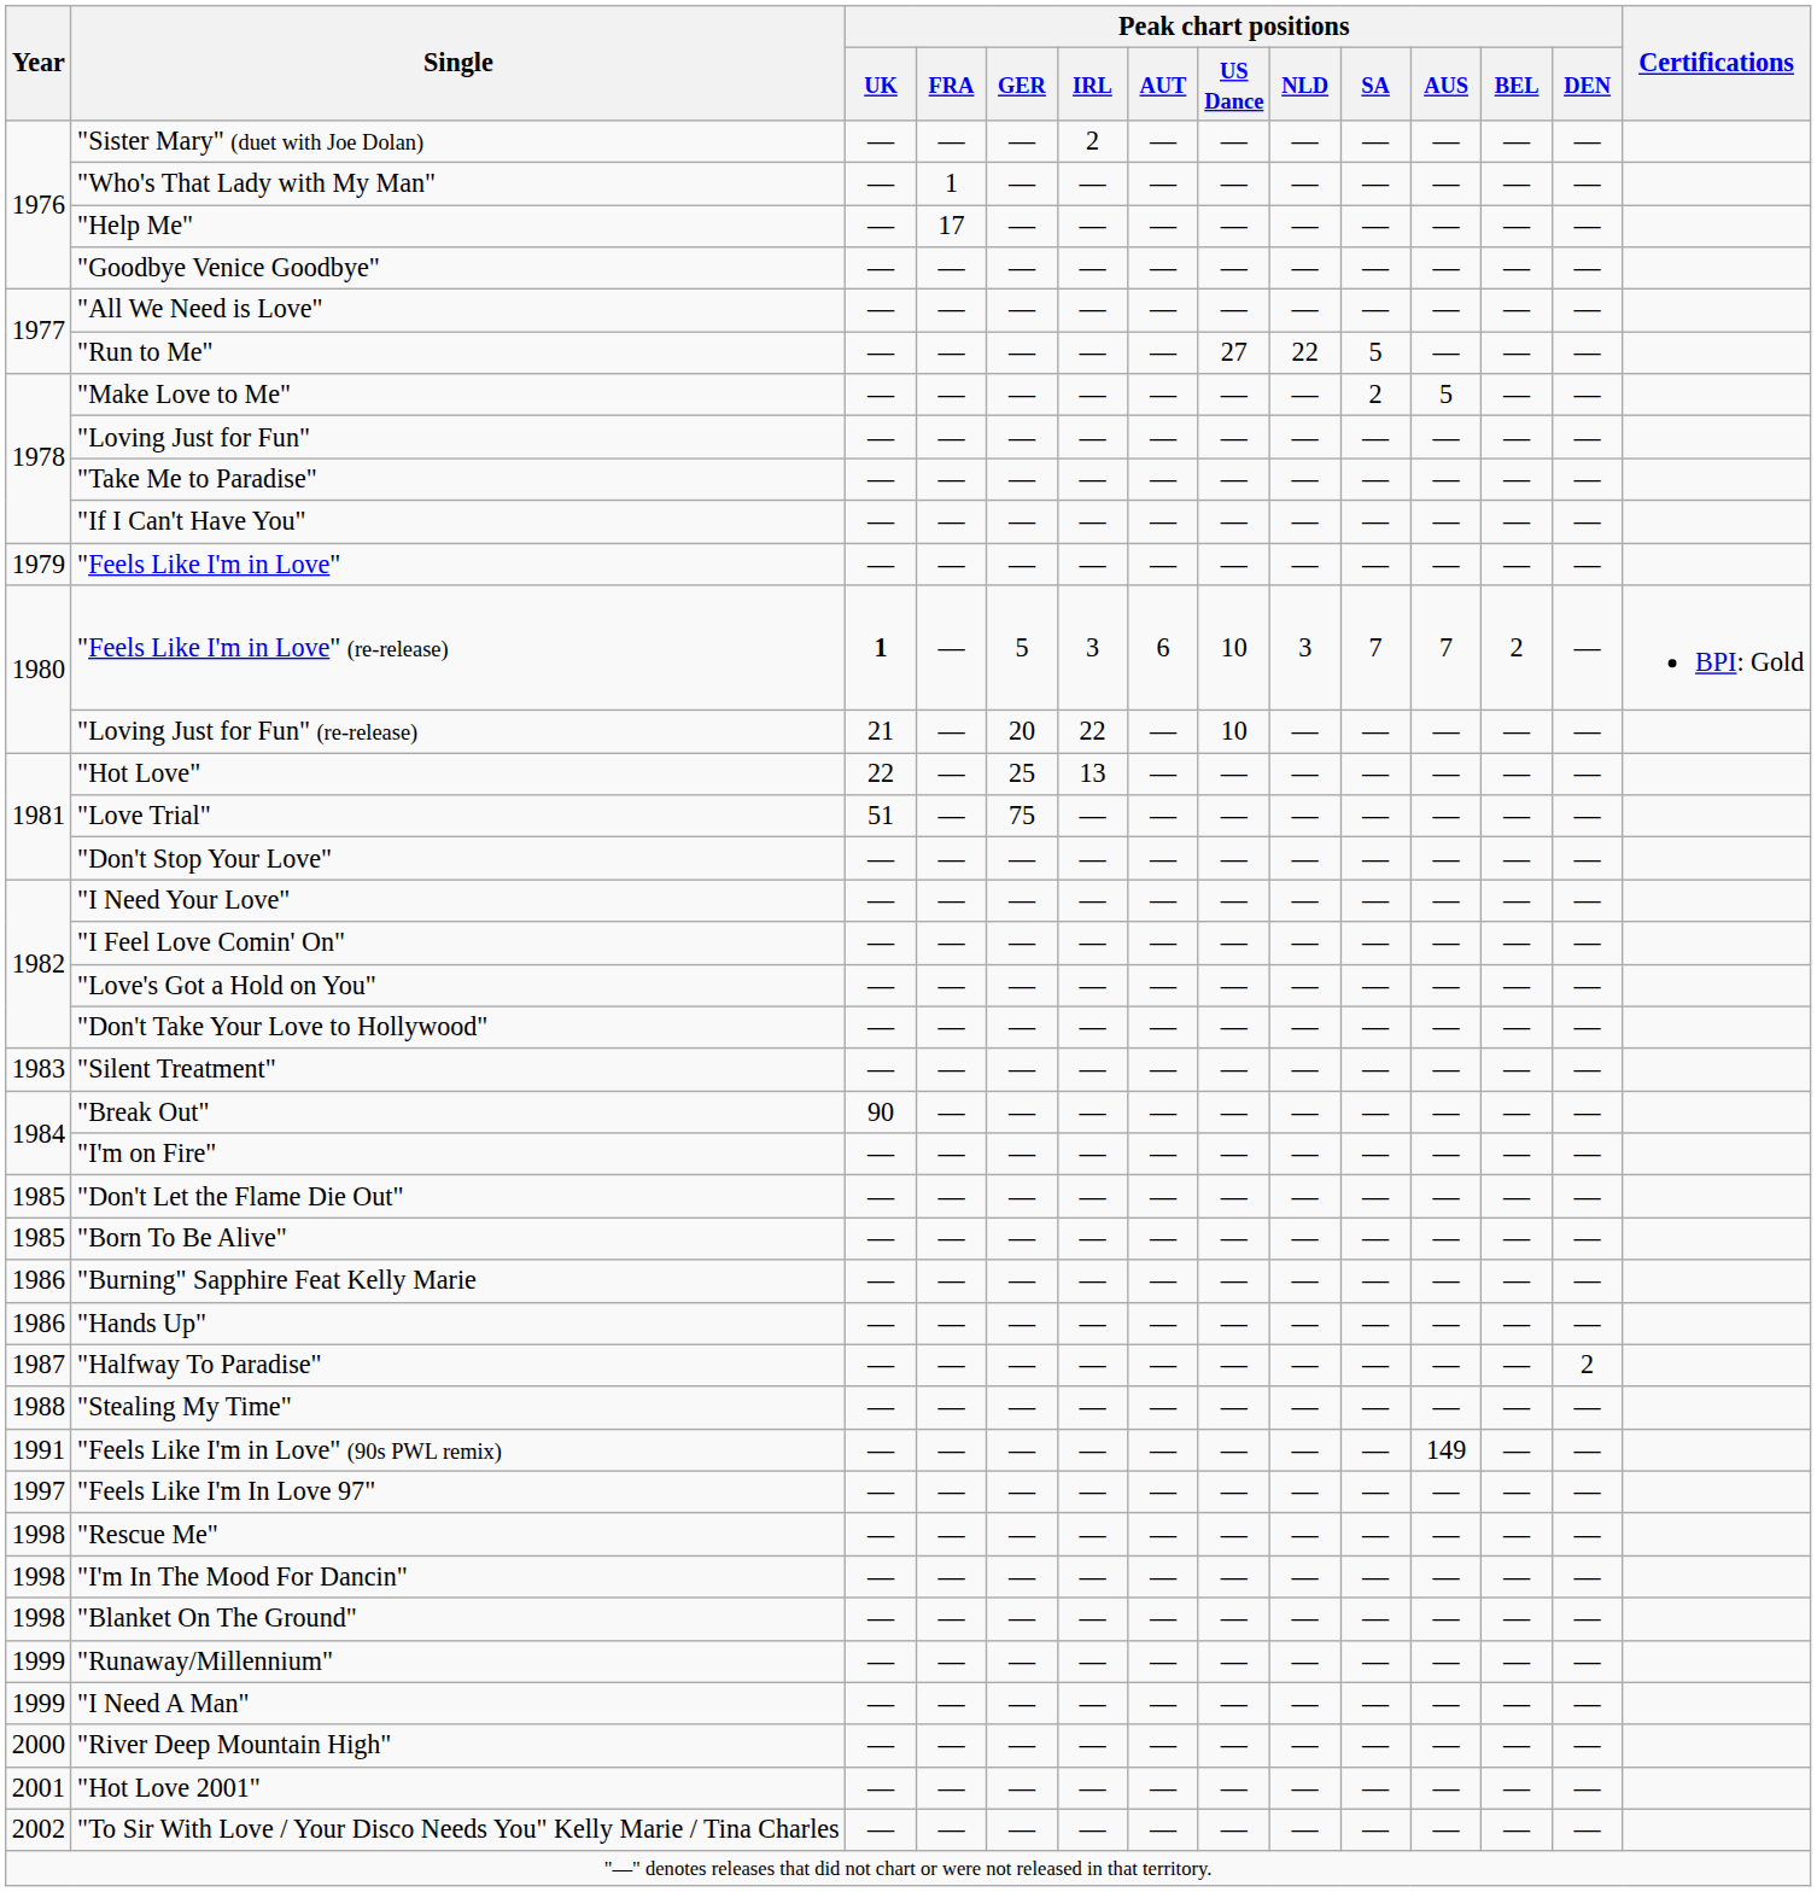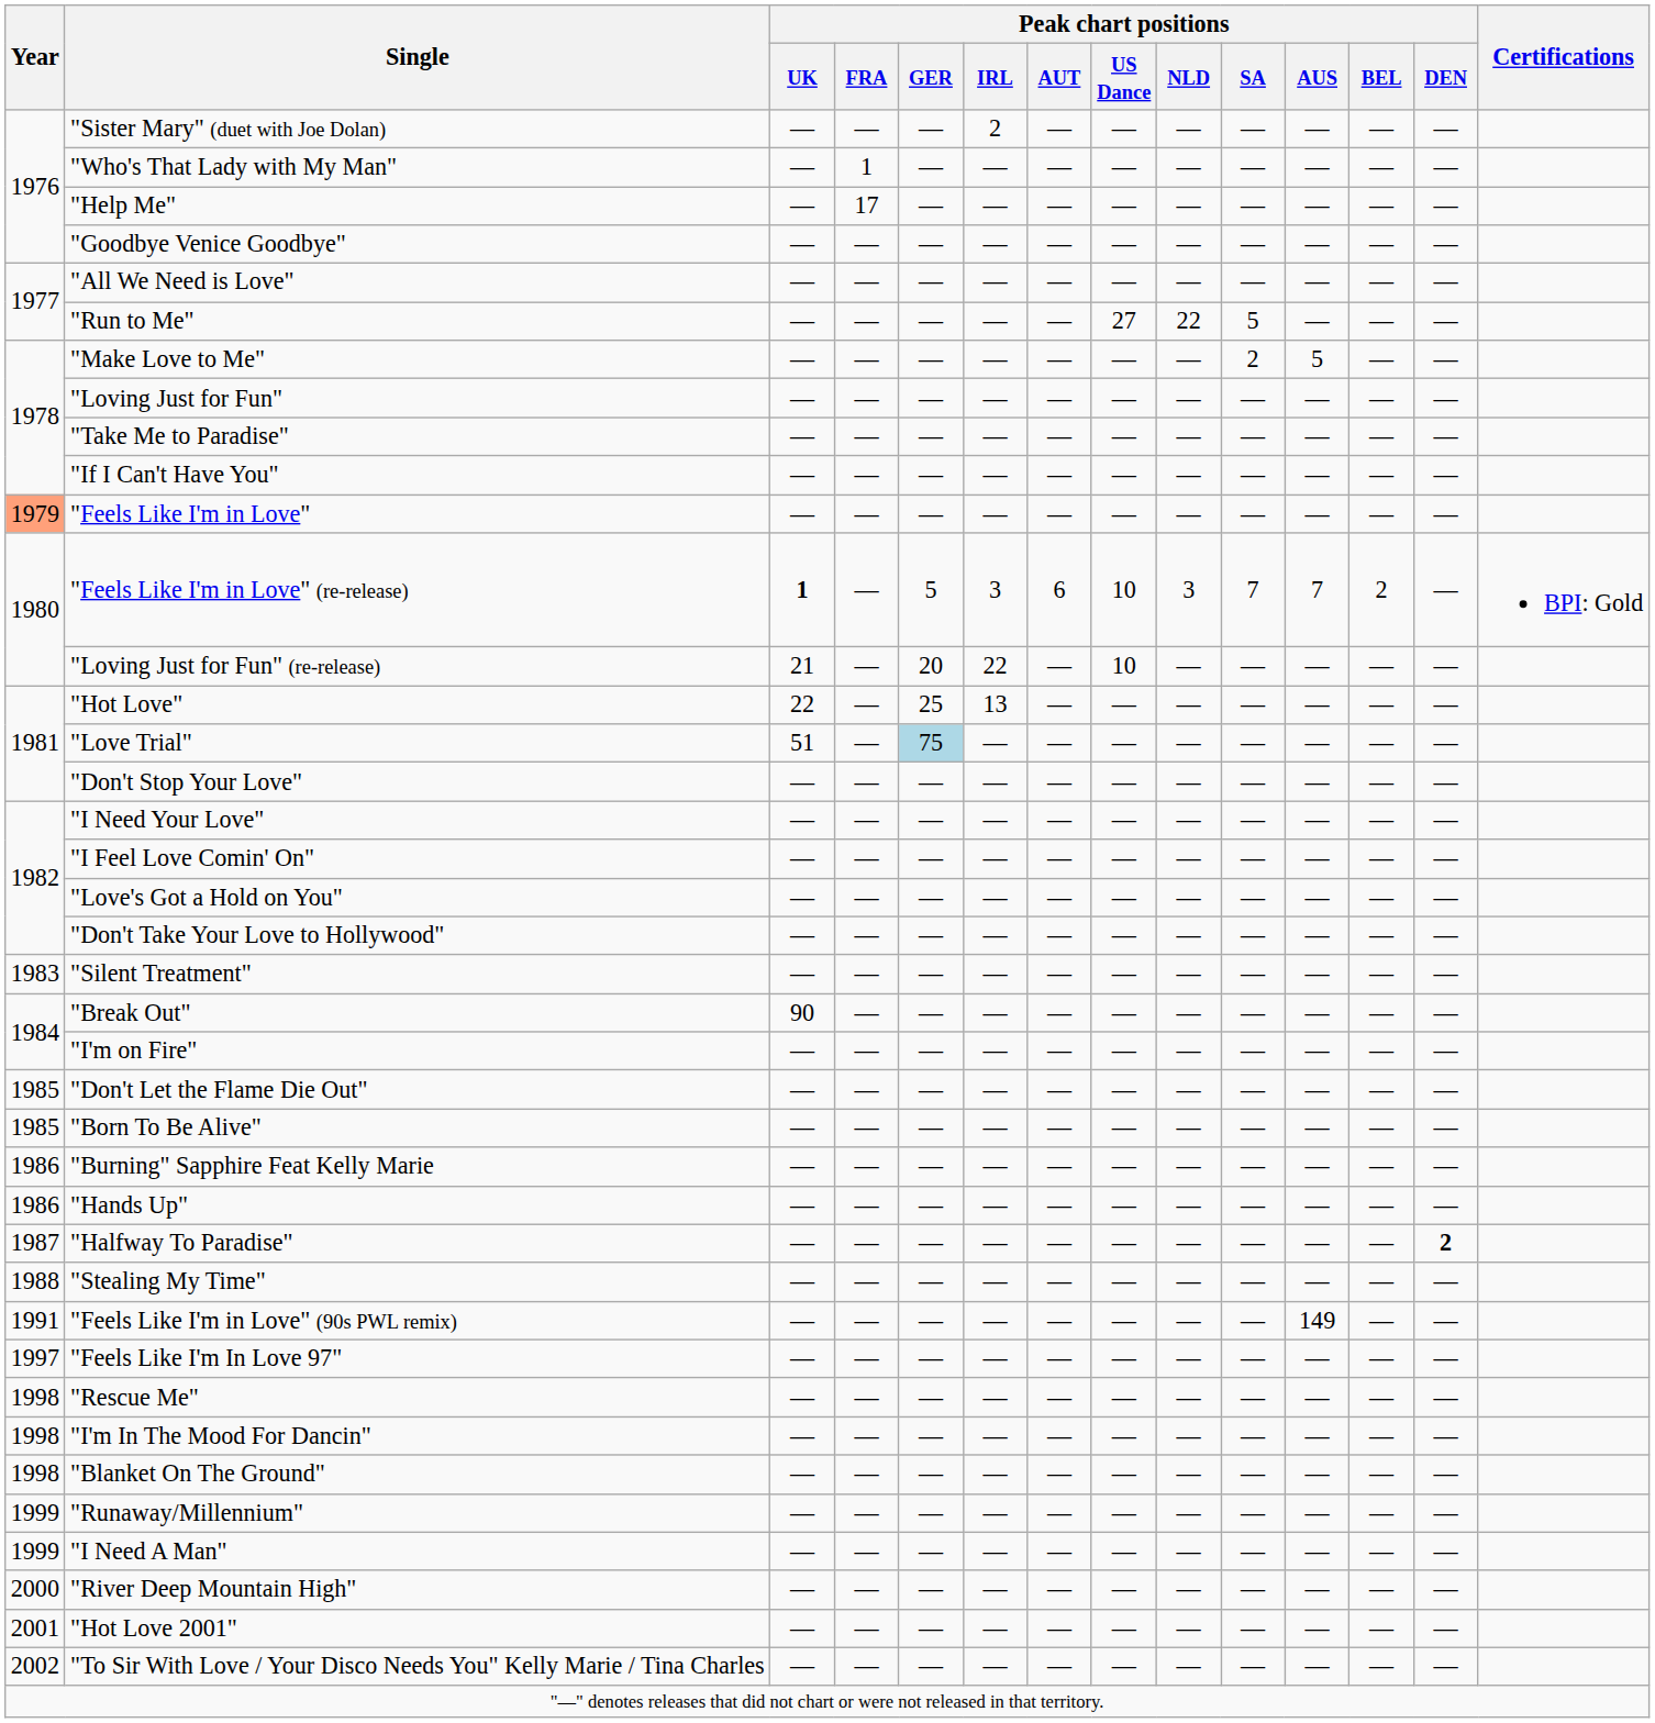 <table class="wikitable">
 <tr>
 <th scope="col" rowspan="2">Year</th>
 <th scope="col" rowspan="2">Single</th>
 <th scope="col" colspan="11">Peak chart positions</th>
 <th scope="col" rowspan="2"><a href='#'>Certifications</a></th>
 </tr>
 <tr>
 <th style="width:35px;"><small><a href='#'>UK</a></small><br></th>
 <th style="width:35px;"><small><a href='#'>FRA</a></small><br></th>
 <th style="width:35px;"><small><a href='#'>GER</a></small><br></th>
 <th style="width:35px;"><small><a href='#'>IRL</a></small><br></th>
 <th style="width:35px;"><small><a href='#'>AUT</a></small><br></th>
 <th style="width:35px;"><small><a href='#'>US<br>Dance</a></small><br></th>
 <th style="width:35px;"><small><a href='#'>NLD</a></small><br></th>
 <th style="width:35px;"><small><a href='#'>SA</a></small><br></th>
 <th style="width:35px;"><small><a href='#'>AUS</a></small><br></th>
 <th style="width:35px;"><small><a href='#'>BEL</a></small><br></th>
 <th style="width:35px;"><small><a href='#'>DEN</a></small><br></th>
 </tr>
 <tr>
 <td rowspan="4">1976</td>
 <td>"Sister Mary" <small>(duet with Joe Dolan)</small></td>
 <td align="center">—</td>
 <td align="center">—</td>
 <td align="center">—</td>
 <td align="center">2</td>
 <td align="center">—</td>
 <td align="center">—</td>
 <td align="center">—</td>
 <td align="center">—</td>
 <td align="center">—</td>
 <td align="center">—</td>
 <td align="center">—</td>
 <td></td>
 </tr>
 <tr>
 <td>"Who's That Lady with My Man"</td>
 <td align="center">—</td>
 <td align="center">1</td>
 <td align="center">—</td>
 <td align="center">—</td>
 <td align="center">—</td>
 <td align="center">—</td>
 <td align="center">—</td>
 <td align="center">—</td>
 <td align="center">—</td>
 <td align="center">—</td>
 <td align="center">—</td>
 <td></td>
 </tr>
 <tr>
 <td>"Help Me"</td>
 <td align="center">—</td>
 <td align="center">17</td>
 <td align="center">—</td>
 <td align="center">—</td>
 <td align="center">—</td>
 <td align="center">—</td>
 <td align="center">—</td>
 <td align="center">—</td>
 <td align="center">—</td>
 <td align="center">—</td>
 <td align="center">—</td>
 <td></td>
 </tr>
 <tr>
 <td>"Goodbye Venice Goodbye"</td>
 <td align="center">—</td>
 <td align="center">—</td>
 <td align="center">—</td>
 <td align="center">—</td>
 <td align="center">—</td>
 <td align="center">—</td>
 <td align="center">—</td>
 <td align="center">—</td>
 <td align="center">—</td>
 <td align="center">—</td>
 <td align="center">—</td>
 <td></td>
 </tr>
 <tr>
 <td rowspan="2">1977</td>
 <td>"All We Need is Love"</td>
 <td align="center">—</td>
 <td align="center">—</td>
 <td align="center">—</td>
 <td align="center">—</td>
 <td align="center">—</td>
 <td align="center">—</td>
 <td align="center">—</td>
 <td align="center">—</td>
 <td align="center">—</td>
 <td align="center">—</td>
 <td align="center">—</td>
 <td></td>
 </tr>
 <tr>
 <td>"Run to Me"</td>
 <td align="center">—</td>
 <td align="center">—</td>
 <td align="center">—</td>
 <td align="center">—</td>
 <td align="center">—</td>
 <td align="center">27</td>
 <td align="center">22</td>
 <td align="center">5</td>
 <td align="center">—</td>
 <td align="center">—</td>
 <td align="center">—</td>
 <td></td>
 </tr>
 <tr>
 <td rowspan="4">1978</td>
 <td>"Make Love to Me"</td>
 <td align="center">—</td>
 <td align="center">—</td>
 <td align="center">—</td>
 <td align="center">—</td>
 <td align="center">—</td>
 <td align="center">—</td>
 <td align="center">—</td>
 <td align="center">2</td>
 <td align="center">5</td>
 <td align="center">—</td>
 <td align="center">—</td>
 <td></td>
 </tr>
 <tr>
 <td>"Loving Just for Fun"</td>
 <td align="center">—</td>
 <td align="center">—</td>
 <td align="center">—</td>
 <td align="center">—</td>
 <td align="center">—</td>
 <td align="center">—</td>
 <td align="center">—</td>
 <td align="center">—</td>
 <td align="center">—</td>
 <td align="center">—</td>
 <td align="center">—</td>
 <td></td>
 </tr>
 <tr>
 <td>"Take Me to Paradise"</td>
 <td align="center">—</td>
 <td align="center">—</td>
 <td align="center">—</td>
 <td align="center">—</td>
 <td align="center">—</td>
 <td align="center">—</td>
 <td align="center">—</td>
 <td align="center">—</td>
 <td align="center">—</td>
 <td align="center">—</td>
 <td align="center">—</td>
 <td></td>
 </tr>
 <tr>
 <td>"If I Can't Have You"</td>
 <td align="center">—</td>
 <td align="center">—</td>
 <td align="center">—</td>
 <td align="center">—</td>
 <td align="center">—</td>
 <td align="center">—</td>
 <td align="center">—</td>
 <td align="center">—</td>
 <td align="center">—</td>
 <td align="center">—</td>
 <td align="center">—</td>
 <td></td>
 </tr>
 <tr>
-<td rowspan="1">1979</td>
+<td rowspan="1" style="background: lightsalmon;">1979</td>
 <td>"<a href='#'>Feels Like I'm in Love</a>"</td>
 <td align="center">—</td>
 <td align="center">—</td>
 <td align="center">—</td>
 <td align="center">—</td>
 <td align="center">—</td>
 <td align="center">—</td>
 <td align="center">—</td>
 <td align="center">—</td>
 <td align="center">—</td>
 <td align="center">—</td>
 <td align="center">—</td>
 <td></td>
 </tr>
 <tr>
 <td rowspan="2">1980</td>
 <td>"<a href='#'>Feels Like I'm in Love</a>" <small>(re-release)</small></td>
 <td align="center"><strong>1</strong></td>
 <td align="center">—</td>
 <td align="center">5</td>
 <td align="center">3</td>
 <td align="center">6</td>
 <td align="center">10</td>
 <td align="center">3</td>
 <td align="center">7</td>
 <td align="center">7</td>
 <td align="center">2</td>
 <td align="center">—</td>
 <td><br><ul><li><a href='#'>BPI</a>: Gold</li></ul></td>
 </tr>
 <tr>
 <td>"Loving Just for Fun" <small>(re-release)</small></td>
 <td align="center">21</td>
 <td align="center">—</td>
 <td align="center">20</td>
 <td align="center">22</td>
 <td align="center">—</td>
 <td align="center">10</td>
 <td align="center">—</td>
 <td align="center">—</td>
 <td align="center">—</td>
 <td align="center">—</td>
 <td align="center">—</td>
 <td></td>
 </tr>
 <tr>
 <td rowspan="3">1981</td>
 <td>"Hot Love"</td>
 <td align="center">22</td>
 <td align="center">—</td>
 <td align="center">25</td>
 <td align="center">13</td>
 <td align="center">—</td>
 <td align="center">—</td>
 <td align="center">—</td>
 <td align="center">—</td>
 <td align="center">—</td>
 <td align="center">—</td>
 <td align="center">—</td>
 <td></td>
 </tr>
 <tr>
 <td>"Love Trial"</td>
 <td align="center">51</td>
 <td align="center">—</td>
-<td align="center">75</td>
+<td align="center" style="background: lightblue;">75</td>
 <td align="center">—</td>
 <td align="center">—</td>
 <td align="center">—</td>
 <td align="center">—</td>
 <td align="center">—</td>
 <td align="center">—</td>
 <td align="center">—</td>
 <td align="center">—</td>
 <td></td>
 </tr>
 <tr>
 <td>"Don't Stop Your Love"</td>
 <td align="center">—</td>
 <td align="center">—</td>
 <td align="center">—</td>
 <td align="center">—</td>
 <td align="center">—</td>
 <td align="center">—</td>
 <td align="center">—</td>
 <td align="center">—</td>
 <td align="center">—</td>
 <td align="center">—</td>
 <td align="center">—</td>
 <td></td>
 </tr>
 <tr>
 <td rowspan="4">1982</td>
 <td>"I Need Your Love"</td>
 <td align="center">—</td>
 <td align="center">—</td>
 <td align="center">—</td>
 <td align="center">—</td>
 <td align="center">—</td>
 <td align="center">—</td>
 <td align="center">—</td>
 <td align="center">—</td>
 <td align="center">—</td>
 <td align="center">—</td>
 <td align="center">—</td>
 <td></td>
 </tr>
 <tr>
 <td>"I Feel Love Comin' On"</td>
 <td align="center">—</td>
 <td align="center">—</td>
 <td align="center">—</td>
 <td align="center">—</td>
 <td align="center">—</td>
 <td align="center">—</td>
 <td align="center">—</td>
 <td align="center">—</td>
 <td align="center">—</td>
 <td align="center">—</td>
 <td align="center">—</td>
 <td></td>
 </tr>
 <tr>
 <td>"Love's Got a Hold on You"</td>
 <td align="center">—</td>
 <td align="center">—</td>
 <td align="center">—</td>
 <td align="center">—</td>
 <td align="center">—</td>
 <td align="center">—</td>
 <td align="center">—</td>
 <td align="center">—</td>
 <td align="center">—</td>
 <td align="center">—</td>
 <td align="center">—</td>
 <td></td>
 </tr>
 <tr>
 <td>"Don't Take Your Love to Hollywood"</td>
 <td align="center">—</td>
 <td align="center">—</td>
 <td align="center">—</td>
 <td align="center">—</td>
 <td align="center">—</td>
 <td align="center">—</td>
 <td align="center">—</td>
 <td align="center">—</td>
 <td align="center">—</td>
 <td align="center">—</td>
 <td align="center">—</td>
 <td></td>
 </tr>
 <tr>
 <td>1983</td>
 <td>"Silent Treatment"</td>
 <td align="center">—</td>
 <td align="center">—</td>
 <td align="center">—</td>
 <td align="center">—</td>
 <td align="center">—</td>
 <td align="center">—</td>
 <td align="center">—</td>
 <td align="center">—</td>
 <td align="center">—</td>
 <td align="center">—</td>
 <td align="center">—</td>
 <td></td>
 </tr>
 <tr>
 <td rowspan="2">1984</td>
 <td>"Break Out"</td>
 <td align="center">90</td>
 <td align="center">—</td>
 <td align="center">—</td>
 <td align="center">—</td>
 <td align="center">—</td>
 <td align="center">—</td>
 <td align="center">—</td>
 <td align="center">—</td>
 <td align="center">—</td>
 <td align="center">—</td>
 <td align="center">—</td>
 <td></td>
 </tr>
 <tr>
 <td>"I'm on Fire"</td>
 <td align="center">—</td>
 <td align="center">—</td>
 <td align="center">—</td>
 <td align="center">—</td>
 <td align="center">—</td>
 <td align="center">—</td>
 <td align="center">—</td>
 <td align="center">—</td>
 <td align="center">—</td>
 <td align="center">—</td>
 <td align="center">—</td>
 <td></td>
 </tr>
 <tr>
 <td>1985</td>
 <td>"Don't Let the Flame Die Out"</td>
 <td align="center">—</td>
 <td align="center">—</td>
 <td align="center">—</td>
 <td align="center">—</td>
 <td align="center">—</td>
 <td align="center">—</td>
 <td align="center">—</td>
 <td align="center">—</td>
 <td align="center">—</td>
 <td align="center">—</td>
 <td align="center">—</td>
 <td></td>
 </tr>
 <tr>
 <td>1985</td>
 <td>"Born To Be Alive"</td>
 <td align="center">—</td>
 <td align="center">—</td>
 <td align="center">—</td>
 <td align="center">—</td>
 <td align="center">—</td>
 <td align="center">—</td>
 <td align="center">—</td>
 <td align="center">—</td>
 <td align="center">—</td>
 <td align="center">—</td>
 <td align="center">—</td>
 <td></td>
 </tr>
 <tr>
 <td>1986</td>
 <td>"Burning" Sapphire Feat Kelly Marie</td>
 <td align="center">—</td>
 <td align="center">—</td>
 <td align="center">—</td>
 <td align="center">—</td>
 <td align="center">—</td>
 <td align="center">—</td>
 <td align="center">—</td>
 <td align="center">—</td>
 <td align="center">—</td>
 <td align="center">—</td>
 <td align="center">—</td>
 <td></td>
 </tr>
 <tr>
 <td>1986</td>
 <td>"Hands Up"</td>
 <td align="center">—</td>
 <td align="center">—</td>
 <td align="center">—</td>
 <td align="center">—</td>
 <td align="center">—</td>
 <td align="center">—</td>
 <td align="center">—</td>
 <td align="center">—</td>
 <td align="center">—</td>
 <td align="center">—</td>
 <td align="center">—</td>
 <td></td>
 </tr>
 <tr>
 <td>1987</td>
 <td>"Halfway To Paradise"</td>
 <td align="center">—</td>
 <td align="center">—</td>
 <td align="center">—</td>
 <td align="center">—</td>
 <td align="center">—</td>
 <td align="center">—</td>
 <td align="center">—</td>
 <td align="center">—</td>
 <td align="center">—</td>
 <td align="center">—</td>
-<td align="center">2</td>
+<td align="center"><strong>2</strong></td>
 <td></td>
 </tr>
 <tr>
 <td>1988</td>
 <td>"Stealing My Time"</td>
 <td align="center">—</td>
 <td align="center">—</td>
 <td align="center">—</td>
 <td align="center">—</td>
 <td align="center">—</td>
 <td align="center">—</td>
 <td align="center">—</td>
 <td align="center">—</td>
 <td align="center">—</td>
 <td align="center">—</td>
 <td align="center">—</td>
 <td></td>
 </tr>
 <tr>
 <td>1991</td>
 <td>"Feels Like I'm in Love" <small>(90s PWL remix)</small></td>
 <td align="center">—</td>
 <td align="center">—</td>
 <td align="center">—</td>
 <td align="center">—</td>
 <td align="center">—</td>
 <td align="center">—</td>
 <td align="center">—</td>
 <td align="center">—</td>
 <td align="center">149</td>
 <td align="center">—</td>
 <td align="center">—</td>
 <td></td>
 </tr>
 <tr>
 <td>1997</td>
 <td>"Feels Like I'm In  Love 97"</td>
 <td align="center">—</td>
 <td align="center">—</td>
 <td align="center">—</td>
 <td align="center">—</td>
 <td align="center">—</td>
 <td align="center">—</td>
 <td align="center">—</td>
 <td align="center">—</td>
 <td align="center">—</td>
 <td align="center">—</td>
 <td align="center">—</td>
 <td></td>
 </tr>
 <tr>
 <td>1998</td>
 <td>"Rescue Me"</td>
 <td align="center">—</td>
 <td align="center">—</td>
 <td align="center">—</td>
 <td align="center">—</td>
 <td align="center">—</td>
 <td align="center">—</td>
 <td align="center">—</td>
 <td align="center">—</td>
 <td align="center">—</td>
 <td align="center">—</td>
 <td align="center">—</td>
 <td></td>
 </tr>
 <tr>
 <td>1998</td>
 <td>"I'm In The Mood For Dancin"</td>
 <td align="center">—</td>
 <td align="center">—</td>
 <td align="center">—</td>
 <td align="center">—</td>
 <td align="center">—</td>
 <td align="center">—</td>
 <td align="center">—</td>
 <td align="center">—</td>
 <td align="center">—</td>
 <td align="center">—</td>
 <td align="center">—</td>
 <td></td>
 </tr>
 <tr>
 <td>1998</td>
 <td>"Blanket On The Ground"</td>
 <td align="center">—</td>
 <td align="center">—</td>
 <td align="center">—</td>
 <td align="center">—</td>
 <td align="center">—</td>
 <td align="center">—</td>
 <td align="center">—</td>
 <td align="center">—</td>
 <td align="center">—</td>
 <td align="center">—</td>
 <td align="center">—</td>
 <td></td>
 </tr>
 <tr>
 <td>1999</td>
 <td>"Runaway/Millennium"</td>
 <td align="center">—</td>
 <td align="center">—</td>
 <td align="center">—</td>
 <td align="center">—</td>
 <td align="center">—</td>
 <td align="center">—</td>
 <td align="center">—</td>
 <td align="center">—</td>
 <td align="center">—</td>
 <td align="center">—</td>
 <td align="center">—</td>
 <td></td>
 </tr>
 <tr>
 <td>1999</td>
 <td>"I Need A Man"</td>
 <td align="center">—</td>
 <td align="center">—</td>
 <td align="center">—</td>
 <td align="center">—</td>
 <td align="center">—</td>
 <td align="center">—</td>
 <td align="center">—</td>
 <td align="center">—</td>
 <td align="center">—</td>
 <td align="center">—</td>
 <td align="center">—</td>
 <td></td>
 </tr>
 <tr>
 <td>2000</td>
 <td>"River Deep Mountain High"</td>
 <td align="center">—</td>
 <td align="center">—</td>
 <td align="center">—</td>
 <td align="center">—</td>
 <td align="center">—</td>
 <td align="center">—</td>
 <td align="center">—</td>
 <td align="center">—</td>
 <td align="center">—</td>
 <td align="center">—</td>
 <td align="center">—</td>
 <td></td>
 </tr>
 <tr>
 <td>2001</td>
 <td>"Hot Love 2001"</td>
 <td align="center">—</td>
 <td align="center">—</td>
 <td align="center">—</td>
 <td align="center">—</td>
 <td align="center">—</td>
 <td align="center">—</td>
 <td align="center">—</td>
 <td align="center">—</td>
 <td align="center">—</td>
 <td align="center">—</td>
 <td align="center">—</td>
 <td></td>
 </tr>
 <tr>
 <td>2002</td>
 <td>"To Sir With Love / Your Disco Needs You" Kelly Marie / Tina Charles</td>
 <td align="center">—</td>
 <td align="center">—</td>
 <td align="center">—</td>
 <td align="center">—</td>
 <td align="center">—</td>
 <td align="center">—</td>
 <td align="center">—</td>
 <td align="center">—</td>
 <td align="center">—</td>
 <td align="center">—</td>
 <td align="center">—</td>
 <td></td>
 </tr>
 <tr>
 <td colspan="14" style="text-align:center; font-size:9pt;">"—" denotes releases that did not chart or were not released in that territory.</td>
 </tr>
 </table>
